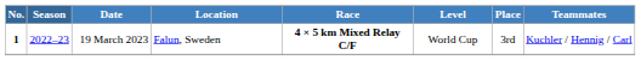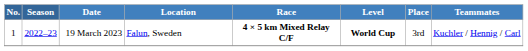 <table class="wikitable sortable" style="font-size:95%; text-align:center; border:grey solid 1px; border-collapse:collapse; background:#ffffff;">
 <tr style="background:#efefef;">
 <th style="background-color:#369; color:white;">No.</th>
 <th style="background-color:#369; color:white;">Season</th>
 <th style="background-color:#4180be; color:white; width:100px;">Date</th>
 <th style="background-color:#4180be; color:white; width:170px;">Location</th>
 <th style="background-color:#4180be; color:white; width:170px;">Race</th>
 <th style="background-color:#4180be; color:white; width:100px;">Level</th>
 <th style="background-color:#4180be; color:white;">Place</th>
 <th style="background-color:#4180be; color:white;">Teammates</th>
 </tr>
 <tr>
-<td align=center><strong>1</strong></td>
+<td align=center>1</td>
 <td rowspan=1 align=center><a href='#'>2022–23</a></td>
 <td align=right>19 March 2023</td>
 <td align=left> <a href='#'>Falun</a>, Sweden</td>
 <td><strong>4 × 5 km Mixed Relay C/F</strong></td>
-<td>World Cup</td>
+<td><strong>World Cup</strong></td>
 <td>3rd</td>
 <td><a href='#'>Kuchler</a> / <a href='#'>Hennig</a> / <a href='#'>Carl</a></td>
 </tr>
 <tr>
 </tr>
 </table>
